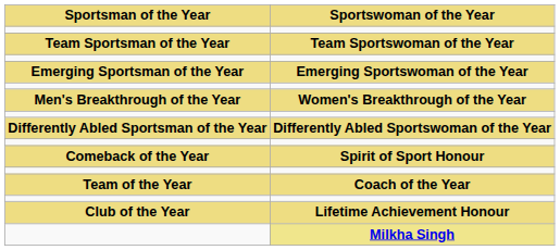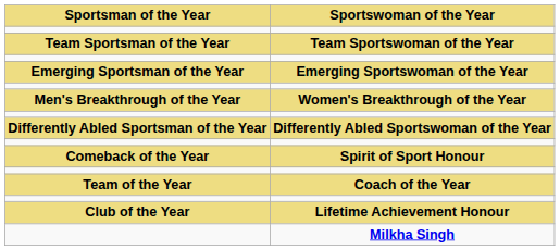 <table class="wikitable" style="text-align:center;">
 <tr>
 <th style="background:#EEDD82;">Sportsman of the Year</th>
 <th style="background:#EEDD82;">Sportswoman of the Year</th>
 </tr>
 <tr>
 <td></td>
 <td></td>
 </tr>
 <tr>
 <th style="background:#EEDD82;">Team Sportsman of the Year</th>
 <th style="background:#EEDD82;">Team Sportswoman of the Year</th>
 </tr>
 <tr>
 <td></td>
 <td></td>
 </tr>
 <tr>
 <th style="background:#EEDD82;">Emerging Sportsman of the Year</th>
 <th style="background:#EEDD82;">Emerging Sportswoman of the Year</th>
 </tr>
 <tr>
 <td></td>
 <td></td>
 </tr>
 <tr>
 <th style="background:#EEDD82;">Men's Breakthrough of the Year</th>
 <th style="background:#EEDD82;">Women's Breakthrough of the Year</th>
 </tr>
 <tr>
 <td></td>
 <td></td>
 </tr>
 <tr>
 <th style="background:#EEDD82;">Differently Abled Sportsman of the Year</th>
 <th style="background:#EEDD82;">Differently Abled Sportswoman of the Year</th>
 </tr>
 <tr>
 <td></td>
 <td></td>
 </tr>
 <tr>
 <th style="background:#EEDD82;">Comeback of the Year</th>
 <th style="background:#EEDD82;">Spirit of Sport Honour</th>
 </tr>
 <tr>
 <td></td>
 <td></td>
 </tr>
 <tr>
 <th style="background:#EEDD82;">Team of the Year</th>
 <th style="background:#EEDD82;">Coach of the Year</th>
 </tr>
 <tr>
 <td></td>
 <td></td>
 </tr>
 <tr>
 <th style="background:#EEDD82;">Club of the Year</th>
 <th style="background:#EEDD82;">Lifetime Achievement Honour</th>
 </tr>
 <tr>
 <td></td>
-<td style="background: khaki;"><strong><a href='#'>Milkha Singh</a></strong></td>
+<td><strong><a href='#'>Milkha Singh</a></strong></td>
 </tr>
 </table>
